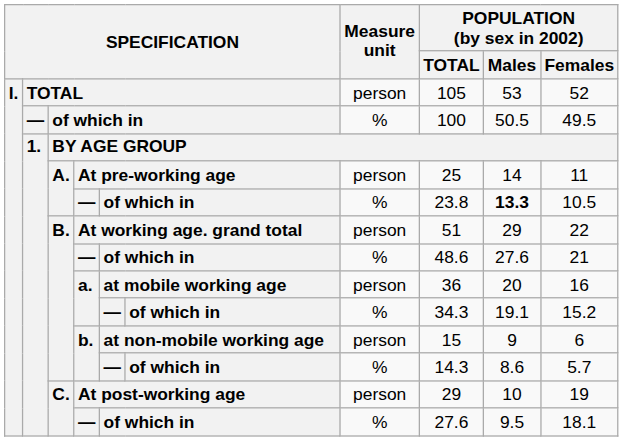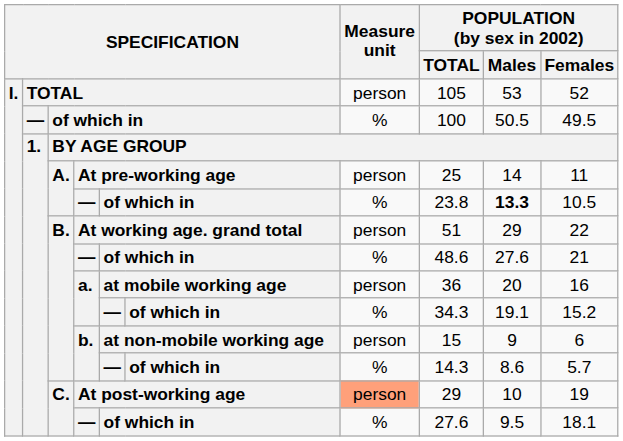 <table class="wikitable" style="font-size:85%; text-align:center">
 <tr>
 <th rowspan="2" colspan="6">SPECIFICATION</th>
 <th rowspan="2">Measure<br> unit</th>
 <th colspan="3" rowspan="1">POPULATION<br> (by sex in 2002)</th>
 </tr>
 <tr>
 <th>TOTAL</th>
 <th>Males</th>
 <th>Females</th>
 </tr>
 <tr>
 <th style="text-align:left" valign="top" rowspan="13">I.</th>
 <th style="text-align:left" colspan="5">TOTAL</th>
 <td>person</td>
 <td>105</td>
 <td>53</td>
 <td>52</td>
 </tr>
 <tr>
 <th style="text-align:left" valign="top">—</th>
 <th style="text-align:left" colspan="4">of which in</th>
 <td>%</td>
 <td>100</td>
 <td>50.5</td>
 <td>49.5</td>
 </tr>
 <tr>
 <th style="text-align:left" valign="top" rowspan="11">1.</th>
 <th style="text-align:left" colspan="19">BY AGE GROUP</th>
 </tr>
 <tr>
 <th style="text-align:left" valign="top" rowspan="2">A.</th>
 <th style="text-align:left" colspan="3">At pre-working age</th>
 <td>person</td>
 <td>25</td>
 <td>14</td>
 <td>11</td>
 </tr>
 <tr>
 <th style="text-align:left" valign="top">—</th>
 <th style="text-align:left" valign="top" colspan="2">of which in</th>
 <td>%</td>
 <td>23.8</td>
 <td><strong>13.3</strong></td>
 <td>10.5</td>
 </tr>
 <tr>
 <th style="text-align:left" valign="top" rowspan="6">B.</th>
 <th style="text-align:left" colspan="3">At working age. grand total</th>
 <td>person</td>
 <td>51</td>
 <td>29</td>
 <td>22</td>
 </tr>
 <tr>
 <th style="text-align:left" valign="top">—</th>
 <th style="text-align:left" valign="top" colspan="2">of which in</th>
 <td>%</td>
 <td>48.6</td>
 <td>27.6</td>
 <td>21</td>
 </tr>
 <tr>
 <th style="text-align:left" valign="top" rowspan="2">a.</th>
 <th style="text-align:left" colspan="2">at mobile working age</th>
 <td>person</td>
 <td>36</td>
 <td>20</td>
 <td>16</td>
 </tr>
 <tr>
 <th style="text-align:left" valign="top">—</th>
 <th style="text-align:left" valign="top" colspan="1">of which in                        </th>
 <td>%</td>
 <td>34.3</td>
 <td>19.1</td>
 <td>15.2</td>
 </tr>
 <tr>
 <th style="text-align:left" valign="top" rowspan="2">b.</th>
 <th style="text-align:left" colspan="2">at non-mobile working age</th>
 <td>person</td>
 <td>15</td>
 <td>9</td>
 <td>6</td>
 </tr>
 <tr>
 <th style="text-align:left" valign="top">—</th>
 <th style="text-align:left" valign="top" colspan="1">of which in                        </th>
 <td>%</td>
 <td>14.3</td>
 <td>8.6</td>
 <td>5.7</td>
 </tr>
 <tr>
 <th style="text-align:left" valign="top" rowspan="2">C.</th>
 <th style="text-align:left" colspan="3">At post-working age</th>
-<td>person</td>
+<td style="background: lightsalmon;">person</td>
 <td>29</td>
 <td>10</td>
 <td>19</td>
 </tr>
 <tr>
 <th style="text-align:left" valign="top">—</th>
 <th style="text-align:left" valign="top" colspan="2">of which in</th>
 <td>%</td>
 <td>27.6</td>
 <td>9.5</td>
 <td>18.1</td>
 </tr>
 </table>
